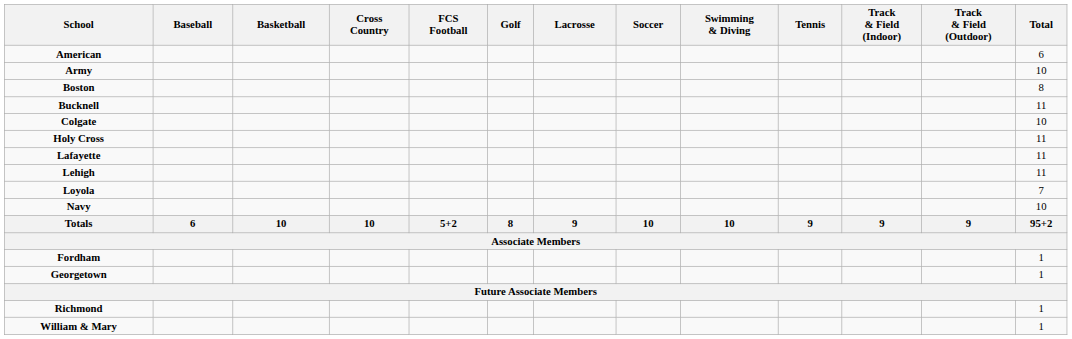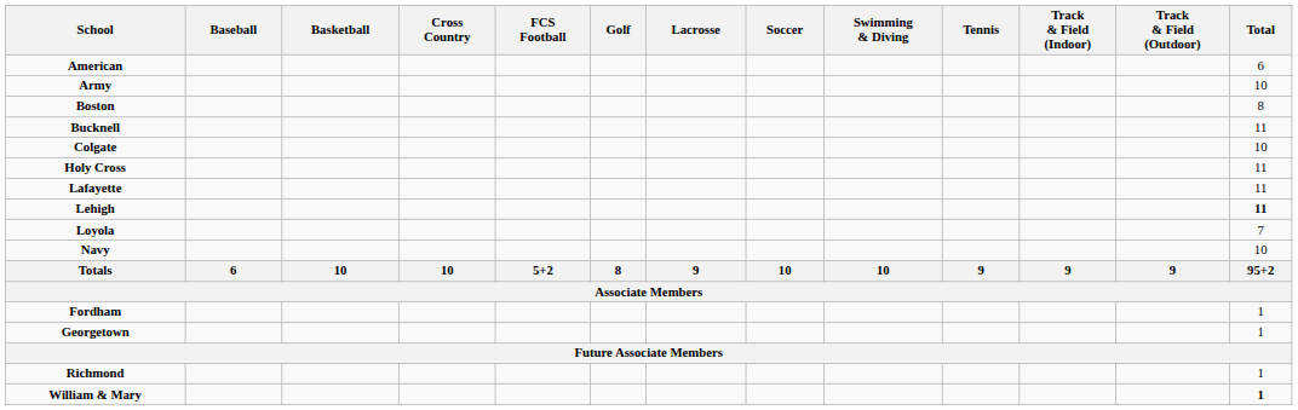 <table class="wikitable sortable" style="text-align:center; width:80%;">
 <tr>
 <th scope="col">School</th>
 <th>Baseball</th>
 <th>Basketball</th>
 <th>Cross<br>Country</th>
 <th>FCS<br>Football</th>
 <th>Golf</th>
 <th>Lacrosse</th>
 <th>Soccer</th>
 <th>Swimming<br>& Diving</th>
 <th>Tennis</th>
 <th>Track<br>& Field<br>(Indoor)</th>
 <th>Track<br>& Field<br>(Outdoor)</th>
 <th>Total</th>
 </tr>
 <tr>
 <td><strong>American</strong></td>
 <td></td>
 <td></td>
 <td></td>
 <td></td>
 <td></td>
 <td></td>
 <td></td>
 <td></td>
 <td></td>
 <td></td>
 <td></td>
 <td>6</td>
 </tr>
 <tr>
 <td><strong>Army</strong></td>
 <td></td>
 <td></td>
 <td></td>
 <td></td>
 <td></td>
 <td></td>
 <td></td>
 <td></td>
 <td></td>
 <td></td>
 <td></td>
 <td>10</td>
 </tr>
 <tr>
 <td><strong>Boston</strong></td>
 <td></td>
 <td></td>
 <td></td>
 <td></td>
 <td></td>
 <td></td>
 <td></td>
 <td></td>
 <td></td>
 <td></td>
 <td></td>
 <td>8</td>
 </tr>
 <tr>
 <td><strong>Bucknell</strong></td>
 <td></td>
 <td></td>
 <td></td>
 <td></td>
 <td></td>
 <td></td>
 <td></td>
 <td></td>
 <td></td>
 <td></td>
 <td></td>
 <td>11</td>
 </tr>
 <tr>
 <td><strong>Colgate</strong></td>
 <td></td>
 <td></td>
 <td></td>
 <td></td>
 <td></td>
 <td></td>
 <td></td>
 <td></td>
 <td></td>
 <td></td>
 <td></td>
 <td>10</td>
 </tr>
 <tr>
 <td><strong>Holy Cross</strong></td>
 <td></td>
 <td></td>
 <td></td>
 <td></td>
 <td></td>
 <td></td>
 <td></td>
 <td></td>
 <td></td>
 <td></td>
 <td></td>
 <td>11</td>
 </tr>
 <tr>
 <td><strong>Lafayette</strong></td>
 <td></td>
 <td></td>
 <td></td>
 <td></td>
 <td></td>
 <td></td>
 <td></td>
 <td></td>
 <td></td>
 <td></td>
 <td></td>
 <td>11</td>
 </tr>
 <tr>
 <td><strong>Lehigh</strong></td>
 <td></td>
 <td></td>
 <td></td>
 <td></td>
 <td></td>
 <td></td>
 <td></td>
 <td></td>
 <td></td>
 <td></td>
 <td></td>
-<td>11</td>
+<td><strong>11</strong></td>
 </tr>
 <tr>
 <td><strong>Loyola</strong></td>
 <td></td>
 <td></td>
 <td></td>
 <td></td>
 <td></td>
 <td></td>
 <td></td>
 <td></td>
 <td></td>
 <td></td>
 <td></td>
 <td>7</td>
 </tr>
 <tr>
 <td><strong>Navy</strong></td>
 <td></td>
 <td></td>
 <td></td>
 <td></td>
 <td></td>
 <td></td>
 <td></td>
 <td></td>
 <td></td>
 <td></td>
 <td></td>
 <td>10</td>
 </tr>
 <tr>
 <th>Totals</th>
 <th>6</th>
 <th>10</th>
 <th>10</th>
 <th>5+2</th>
 <th>8</th>
 <th>9</th>
 <th>10</th>
 <th>10</th>
 <th>9</th>
 <th>9</th>
 <th>9</th>
 <th>95+2</th>
 </tr>
 <tr>
 <th colspan="13">Associate Members</th>
 </tr>
 <tr>
 <td><strong>Fordham</strong></td>
 <td></td>
 <td></td>
 <td></td>
 <td></td>
 <td></td>
 <td></td>
 <td></td>
 <td></td>
 <td></td>
 <td></td>
 <td></td>
 <td>1</td>
 </tr>
 <tr>
 <td><strong>Georgetown</strong></td>
 <td></td>
 <td></td>
 <td></td>
 <td></td>
 <td></td>
 <td></td>
 <td></td>
 <td></td>
 <td></td>
 <td></td>
 <td></td>
 <td>1</td>
 </tr>
 <tr>
 <th colspan="13">Future Associate Members</th>
 </tr>
 <tr>
 <td><strong>Richmond</strong></td>
 <td></td>
 <td></td>
 <td></td>
 <td></td>
 <td></td>
 <td></td>
 <td></td>
 <td></td>
 <td></td>
 <td></td>
 <td></td>
 <td>1</td>
 </tr>
 <tr>
 <td><strong>William & Mary</strong></td>
 <td></td>
 <td></td>
 <td></td>
 <td></td>
 <td></td>
 <td></td>
 <td></td>
 <td></td>
 <td></td>
 <td></td>
 <td></td>
-<td>1</td>
+<td><strong>1</strong></td>
 </tr>
 </table>
